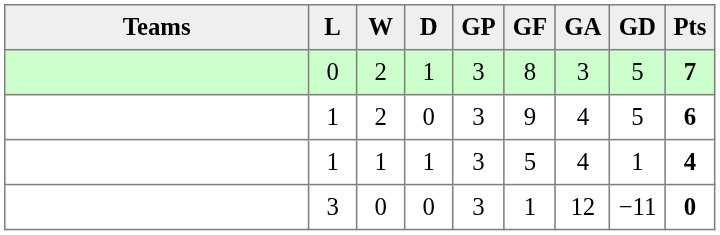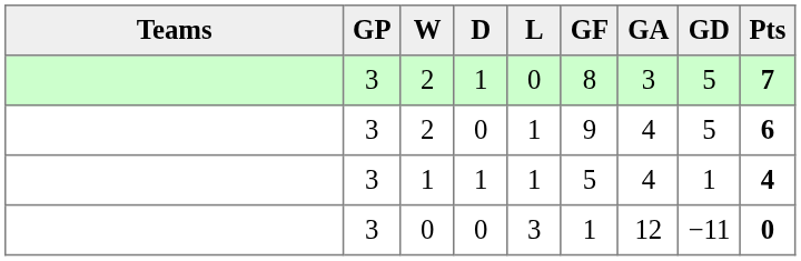 <table style=border-collapse:collapse border=1 cellspacing=0 cellpadding=5>
 <tr align=center bgcolor=#efefef>
 <th width=185>Teams</th>
-<th width=20>L</th>
+<th width=20>GP</th>
 <th width=20>W</th>
 <th width=20>D</th>
-<th width=20>GP</th>
+<th width=20>L</th>
 <th width=20>GF</th>
 <th width=20>GA</th>
 <th width=20>GD</th>
 <th width=20>Pts</th>
 </tr>
 <tr align=center style="background:#ccffcc;">
 <td style="text-align:left;"></td>
-<td>0</td>
+<td>3</td>
 <td>2</td>
 <td>1</td>
-<td>3</td>
+<td>0</td>
 <td>8</td>
 <td>3</td>
 <td>5</td>
 <td><strong>7</strong></td>
 </tr>
 <tr align=center>
 <td style="text-align:left;"></td>
-<td>1</td>
+<td>3</td>
 <td>2</td>
 <td>0</td>
-<td>3</td>
+<td>1</td>
 <td>9</td>
 <td>4</td>
 <td>5</td>
 <td><strong>6</strong></td>
 </tr>
 <tr align=center>
 <td style="text-align:left;"></td>
+<td>3</td>
 <td>1</td>
 <td>1</td>
 <td>1</td>
-<td>3</td>
 <td>5</td>
 <td>4</td>
 <td>1</td>
 <td><strong>4</strong></td>
 </tr>
 <tr align=center>
 <td style="text-align:left;"></td>
 <td>3</td>
 <td>0</td>
 <td>0</td>
 <td>3</td>
 <td>1</td>
 <td>12</td>
 <td>−11</td>
 <td><strong>0</strong></td>
 </tr>
 </table>
